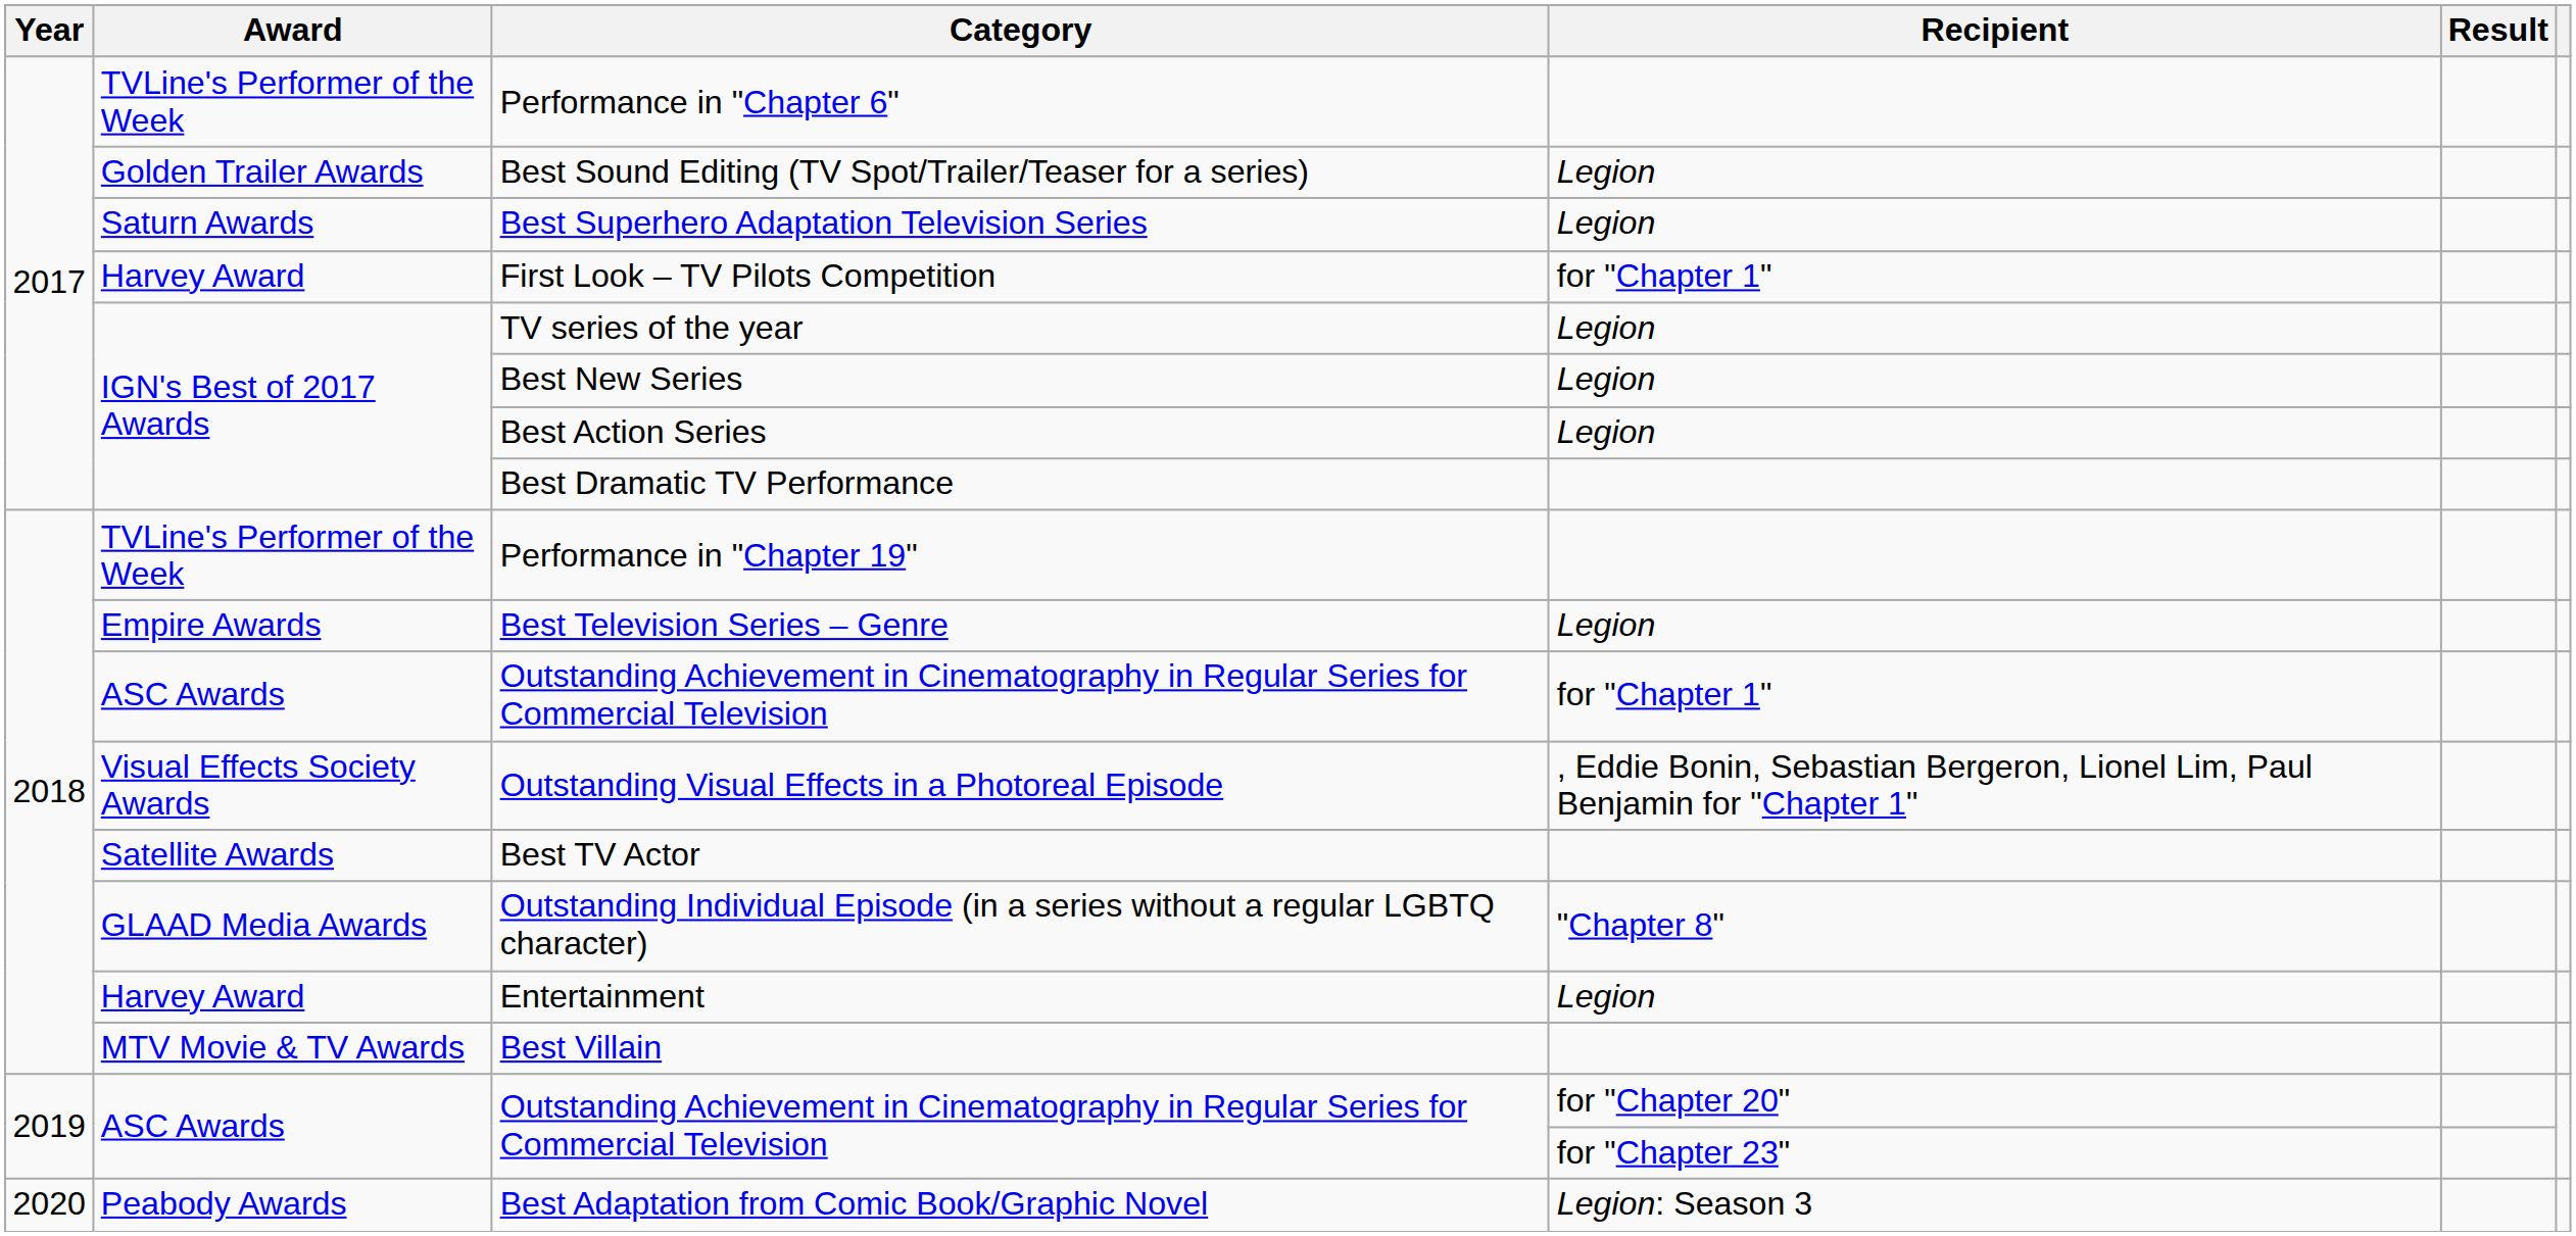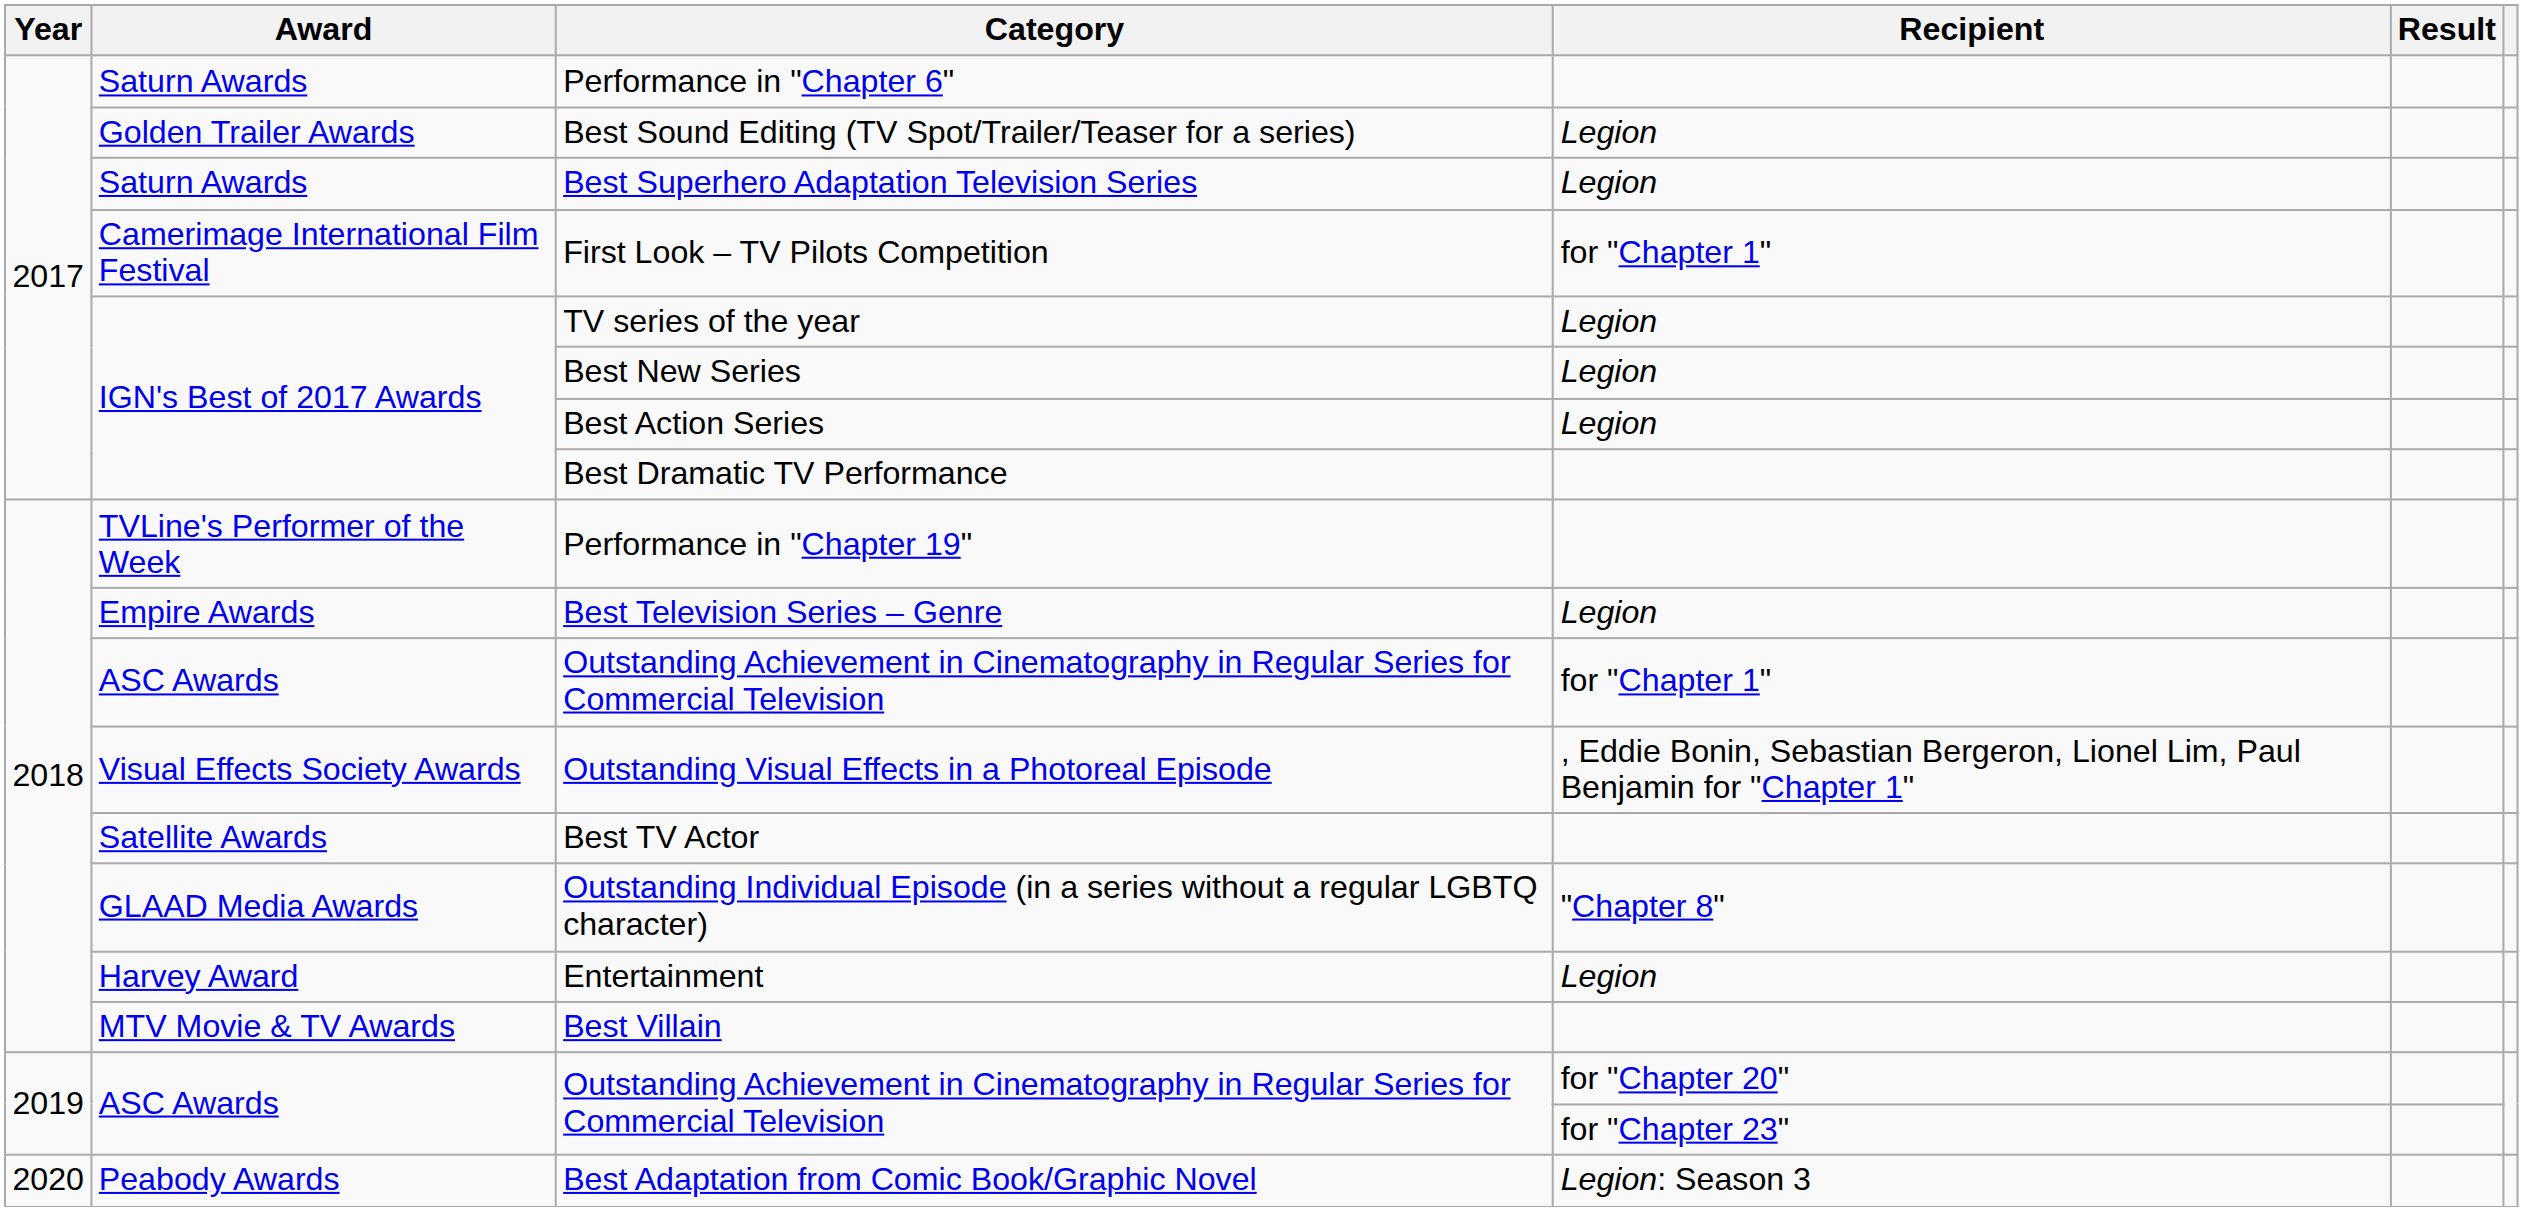 <table class="wikitable sortable" style="width: 99%;">
 <tr>
 <th>Year</th>
 <th>Award</th>
 <th>Category</th>
 <th>Recipient</th>
 <th>Result</th>
 <th scope="col" class="unsortable"></th>
 </tr>
 <tr>
 <td rowspan="8">2017</td>
-<td><a href='#'>TVLine's Performer of the Week</a></td>
+<td><a href='#'>Saturn Awards</a></td>
 <td>Performance in "<a href='#'>Chapter 6</a>"</td>
 <td></td>
 <td></td>
 <td style="text-align:center;"></td>
 </tr>
 <tr>
 <td><a href='#'>Golden Trailer Awards</a></td>
 <td>Best Sound Editing (TV Spot/Trailer/Teaser for a series)</td>
 <td><em>Legion</em></td>
 <td></td>
 <td style="text-align:center;"></td>
 </tr>
 <tr>
 <td><a href='#'>Saturn Awards</a></td>
 <td><a href='#'>Best Superhero Adaptation Television Series</a></td>
 <td><em>Legion</em></td>
 <td></td>
 <td style="text-align:center;"></td>
 </tr>
 <tr>
-<td><a href='#'>Harvey Award</a></td>
+<td><a href='#'>Camerimage International Film Festival</a></td>
 <td>First Look – TV Pilots Competition</td>
 <td> for "<a href='#'>Chapter 1</a>"</td>
 <td></td>
 <td style="text-align:center;"></td>
 </tr>
 <tr>
 <td rowspan="4"><a href='#'>IGN's Best of 2017 Awards</a></td>
 <td>TV series of the year</td>
 <td><em>Legion</em></td>
 <td></td>
 <td style="text-align:center;"></td>
 </tr>
 <tr>
 <td>Best New Series</td>
 <td><em>Legion</em></td>
 <td></td>
 <td style="text-align:center;"></td>
 </tr>
 <tr>
 <td>Best Action Series</td>
 <td><em>Legion</em></td>
 <td></td>
 <td style="text-align:center;"></td>
 </tr>
 <tr>
 <td>Best Dramatic TV Performance</td>
 <td></td>
 <td></td>
 <td style="text-align:center;"></td>
 </tr>
 <tr>
 <td rowspan="8">2018</td>
 <td><a href='#'>TVLine's Performer of the Week</a></td>
 <td>Performance in "<a href='#'>Chapter 19</a>"</td>
 <td></td>
 <td></td>
 <td style="text-align:center;"></td>
 </tr>
 <tr>
 <td><a href='#'>Empire Awards</a></td>
 <td><a href='#'>Best Television Series – Genre</a></td>
 <td><em>Legion</em></td>
 <td></td>
 <td style="text-align:center;"></td>
 </tr>
 <tr>
 <td><a href='#'>ASC Awards</a></td>
 <td><a href='#'>Outstanding Achievement in Cinematography in Regular Series for Commercial Television</a></td>
 <td> for "<a href='#'>Chapter 1</a>"</td>
 <td></td>
 <td style="text-align:center;"></td>
 </tr>
 <tr>
 <td><a href='#'>Visual Effects Society Awards</a></td>
 <td><a href='#'>Outstanding Visual Effects in a Photoreal Episode</a></td>
 <td>, Eddie Bonin, Sebastian Bergeron, Lionel Lim, Paul Benjamin for "<a href='#'>Chapter 1</a>"</td>
 <td></td>
 <td style="text-align:center;"></td>
 </tr>
 <tr>
 <td><a href='#'>Satellite Awards</a></td>
 <td>Best TV Actor</td>
 <td></td>
 <td></td>
 <td style="text-align:center;"></td>
 </tr>
 <tr>
 <td><a href='#'>GLAAD Media Awards</a></td>
 <td><a href='#'>Outstanding Individual Episode</a> (in a series without a regular LGBTQ character)</td>
 <td>"<a href='#'>Chapter 8</a>"</td>
 <td></td>
 <td style="text-align:center;"></td>
 </tr>
 <tr>
 <td><a href='#'>Harvey Award</a></td>
 <td>Entertainment</td>
 <td><em>Legion</em></td>
 <td></td>
 <td style="text-align:center;"></td>
 </tr>
 <tr>
 <td><a href='#'>MTV Movie & TV Awards</a></td>
 <td><a href='#'>Best Villain</a></td>
 <td></td>
 <td></td>
 <td style="text-align:center;"></td>
 </tr>
 <tr>
 <td rowspan="2">2019</td>
 <td rowspan="2"><a href='#'>ASC Awards</a></td>
 <td rowspan="2"><a href='#'>Outstanding Achievement in Cinematography in Regular Series for Commercial Television</a></td>
 <td> for "<a href='#'>Chapter 20</a>"</td>
 <td></td>
 <td rowspan="2" style="text-align:center;"></td>
 </tr>
 <tr>
 <td> for "<a href='#'>Chapter 23</a>"</td>
 <td></td>
 </tr>
 <tr>
 <td>2020</td>
 <td><a href='#'>Peabody Awards</a></td>
 <td><a href='#'>Best Adaptation from Comic Book/Graphic Novel</a></td>
 <td><em>Legion</em>: Season 3</td>
 <td></td>
 <td></td>
 </tr>
 </table>
